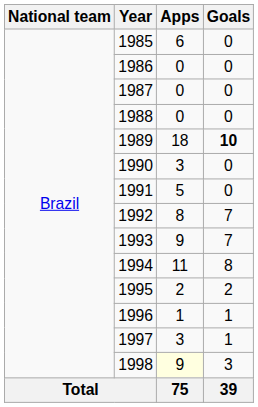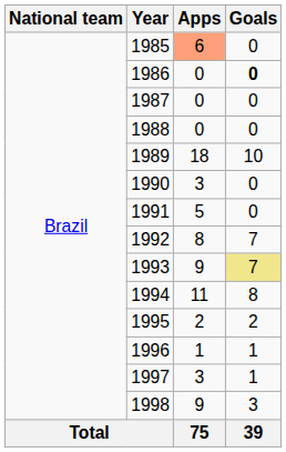 <table class="wikitable" style="text-align:center">
 <tr>
 <th>National team</th>
 <th>Year</th>
 <th style="width:40px;">Apps</th>
 <th style="width:40px;">Goals</th>
 </tr>
 <tr>
 <td rowspan="14"><a href='#'>Brazil</a></td>
 <td>1985</td>
-<td>6</td>
+<td style="background: lightsalmon;">6</td>
 <td>0</td>
 </tr>
 <tr>
 <td>1986</td>
 <td>0</td>
-<td>0</td>
+<td><strong>0</strong></td>
 </tr>
 <tr>
 <td>1987</td>
 <td>0</td>
 <td>0</td>
 </tr>
 <tr>
 <td>1988</td>
 <td>0</td>
 <td>0</td>
 </tr>
 <tr>
 <td>1989</td>
 <td>18</td>
-<td><strong>10</strong></td>
+<td>10</td>
 </tr>
 <tr>
 <td>1990</td>
 <td>3</td>
 <td>0</td>
 </tr>
 <tr>
 <td>1991</td>
 <td>5</td>
 <td>0</td>
 </tr>
 <tr>
 <td>1992</td>
 <td>8</td>
 <td>7</td>
 </tr>
 <tr>
 <td>1993</td>
 <td>9</td>
-<td>7</td>
+<td style="background: khaki;">7</td>
 </tr>
 <tr>
 <td>1994</td>
 <td>11</td>
 <td>8</td>
 </tr>
 <tr>
 <td>1995</td>
 <td>2</td>
 <td>2</td>
 </tr>
 <tr>
 <td>1996</td>
 <td>1</td>
 <td>1</td>
 </tr>
 <tr>
 <td>1997</td>
 <td>3</td>
 <td>1</td>
 </tr>
 <tr>
 <td>1998</td>
-<td style="background: lightyellow;">9</td>
+<td>9</td>
 <td>3</td>
 </tr>
 <tr>
 <th colspan="2">Total</th>
 <th>75</th>
 <th>39</th>
 </tr>
 </table>
